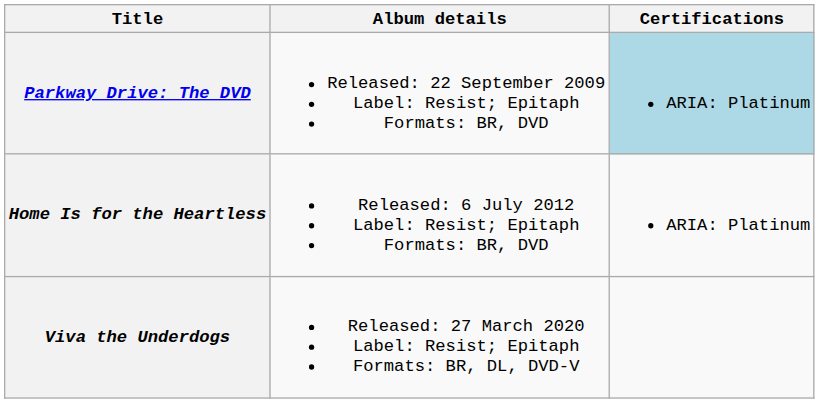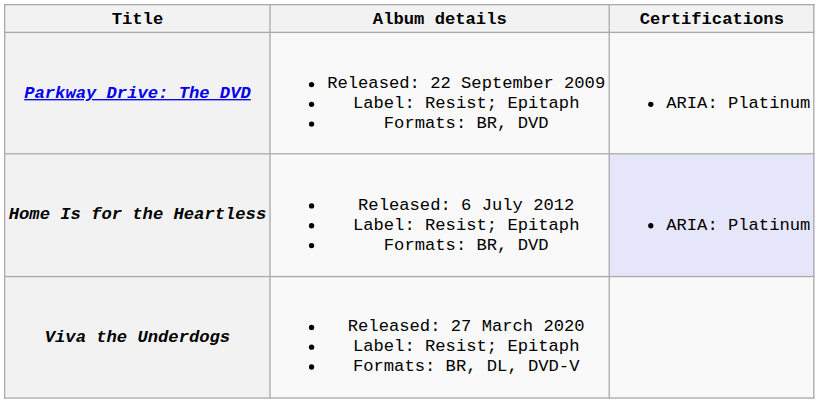 <table class="wikitable plainrowheaders" style="text-align:center;">
 <tr>
 <th scope="col" rowspan="1">Title</th>
 <th scope="col" rowspan="1">Album details</th>
 <th scope="col" colspan="4">Certifications</th>
 </tr>
 <tr>
 <th scope="row"><em><a href='#'>Parkway Drive: The DVD</a></em></th>
 <td><br><ul><li>Released: 22 September 2009</li><li>Label: Resist; Epitaph</li><li>Formats: BR, DVD</li></ul></td>
-<td style="background: lightblue;"><br><ul><li>ARIA: Platinum</li></ul></td>
+<td><br><ul><li>ARIA: Platinum</li></ul></td>
 </tr>
 <tr>
 <th scope="row"><em>Home Is for the Heartless</em></th>
 <td><br><ul><li>Released: 6 July 2012</li><li>Label: Resist; Epitaph</li><li>Formats: BR, DVD</li></ul></td>
-<td><br><ul><li>ARIA: Platinum</li></ul></td>
+<td style="background: lavender;"><br><ul><li>ARIA: Platinum</li></ul></td>
 </tr>
 <tr>
 <th scope="row"><em>Viva the Underdogs</em></th>
 <td><br><ul><li>Released: 27 March 2020</li><li>Label: Resist; Epitaph</li><li>Formats: BR, DL, DVD-V</li></ul></td>
 <td></td>
 </tr>
 </table>
